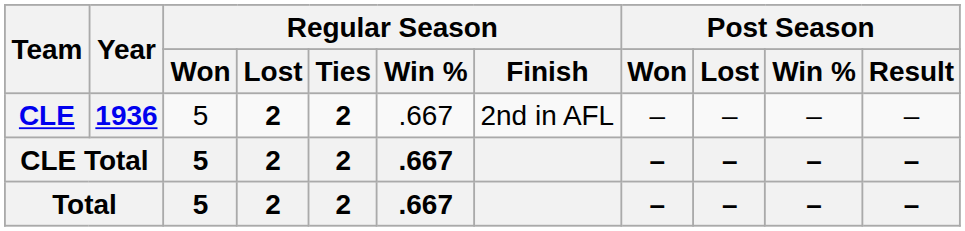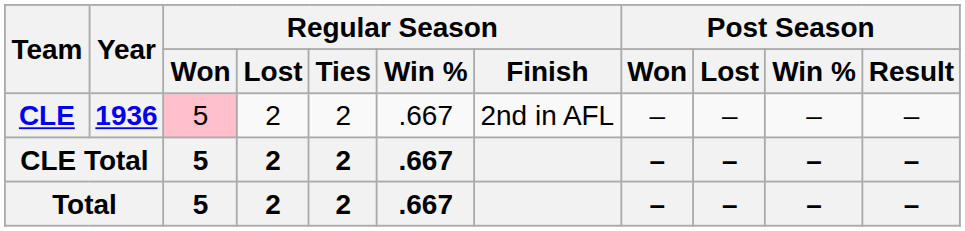 <table class="wikitable" style="font-size: 95%; text-align:center;">
 <tr>
 <th rowspan="2">Team</th>
 <th rowspan="2">Year</th>
 <th colspan="5">Regular Season</th>
 <th colspan="4">Post Season</th>
 </tr>
 <tr>
 <th>Won</th>
 <th>Lost</th>
 <th>Ties</th>
 <th>Win %</th>
 <th>Finish</th>
 <th>Won</th>
 <th>Lost</th>
 <th>Win %</th>
 <th>Result</th>
 </tr>
 <tr>
 <th><a href='#'>CLE</a></th>
 <th><a href='#'>1936</a></th>
-<td>5</td>
-<td><strong>2</strong></td>
-<td><strong>2</strong></td>
+<td style="background: pink;">5</td>
+<td>2</td>
+<td>2</td>
 <td>.667</td>
 <td>2nd in AFL</td>
 <td>–</td>
 <td>–</td>
 <td>–</td>
 <td>–</td>
 </tr>
 <tr>
 <th colspan="2">CLE Total</th>
 <th>5</th>
 <th>2</th>
 <th>2</th>
 <th>.667</th>
 <th></th>
 <th>–</th>
 <th>–</th>
 <th>–</th>
 <th>–</th>
 </tr>
 <tr>
 <th colspan="2">Total</th>
 <th>5</th>
 <th>2</th>
 <th>2</th>
 <th>.667</th>
 <th></th>
 <th>–</th>
 <th>–</th>
 <th>–</th>
 <th>–</th>
 </tr>
 </table>
